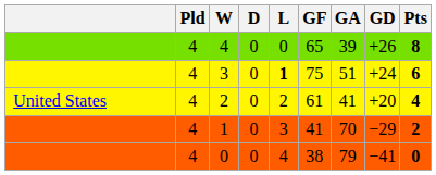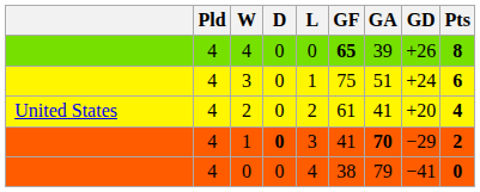 <table class="wikitable" style="text-align:center;">
 <tr>
 <th width=150></th>
 <th width=20>Pld</th>
 <th width=20>W</th>
 <th width=20>D</th>
 <th width=20>L</th>
 <th width=20>GF</th>
 <th width=20>GA</th>
 <th width=20>GD</th>
 <th width=20>Pts</th>
 </tr>
 <tr>
 </tr>
 <tr bgcolor=#76ee00|>
 <td align="left"></td>
 <td>4</td>
 <td>4</td>
 <td>0</td>
 <td>0</td>
-<td>65</td>
+<td><strong>65</strong></td>
 <td>39</td>
 <td>+26</td>
 <td><strong>8</strong></td>
 </tr>
 <tr>
 </tr>
 <tr bgcolor=#ffff66|>
 <td align="left"></td>
 <td>4</td>
 <td>3</td>
 <td>0</td>
-<td><strong>1</strong></td>
+<td>1</td>
 <td>75</td>
 <td>51</td>
 <td>+24</td>
 <td><strong>6</strong></td>
 </tr>
 <tr>
 </tr>
 <tr bgcolor=#ffff66|>
 <td align="left"> <a href='#'>United States</a></td>
 <td>4</td>
 <td>2</td>
 <td>0</td>
 <td>2</td>
 <td>61</td>
 <td>41</td>
 <td>+20</td>
 <td><strong>4</strong></td>
 </tr>
 <tr>
 </tr>
 <tr bgcolor=#ffc5c5|>
 <td align="left"></td>
 <td>4</td>
 <td>1</td>
-<td>0</td>
+<td><strong>0</strong></td>
 <td>3</td>
 <td>41</td>
-<td>70</td>
+<td><strong>70</strong></td>
 <td>−29</td>
 <td><strong>2</strong></td>
 </tr>
 <tr>
 </tr>
 <tr bgcolor=#ffc5c5|>
 <td align="left"></td>
 <td>4</td>
 <td>0</td>
 <td>0</td>
 <td>4</td>
 <td>38</td>
 <td>79</td>
 <td>−41</td>
 <td><strong>0</strong></td>
 </tr>
 </table>
